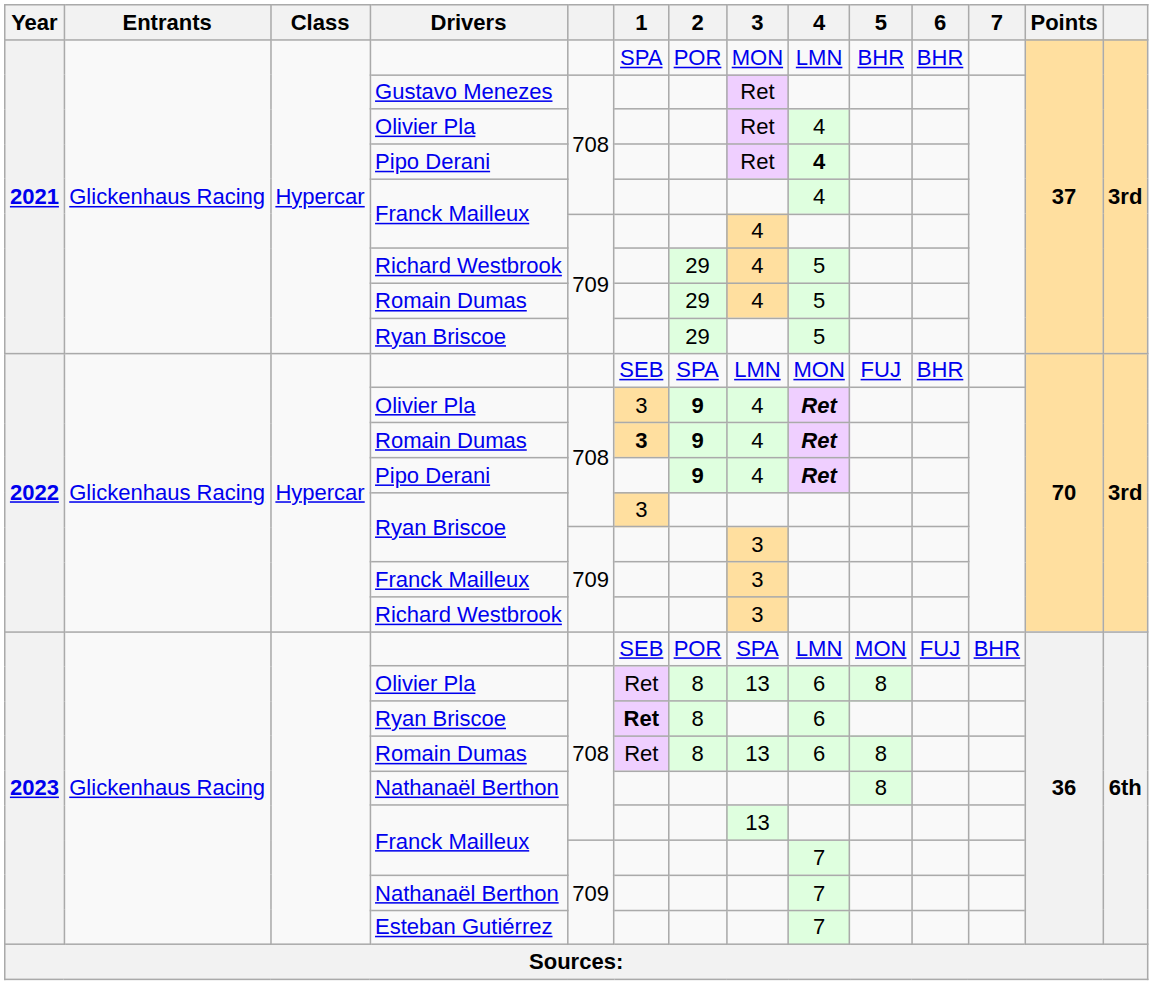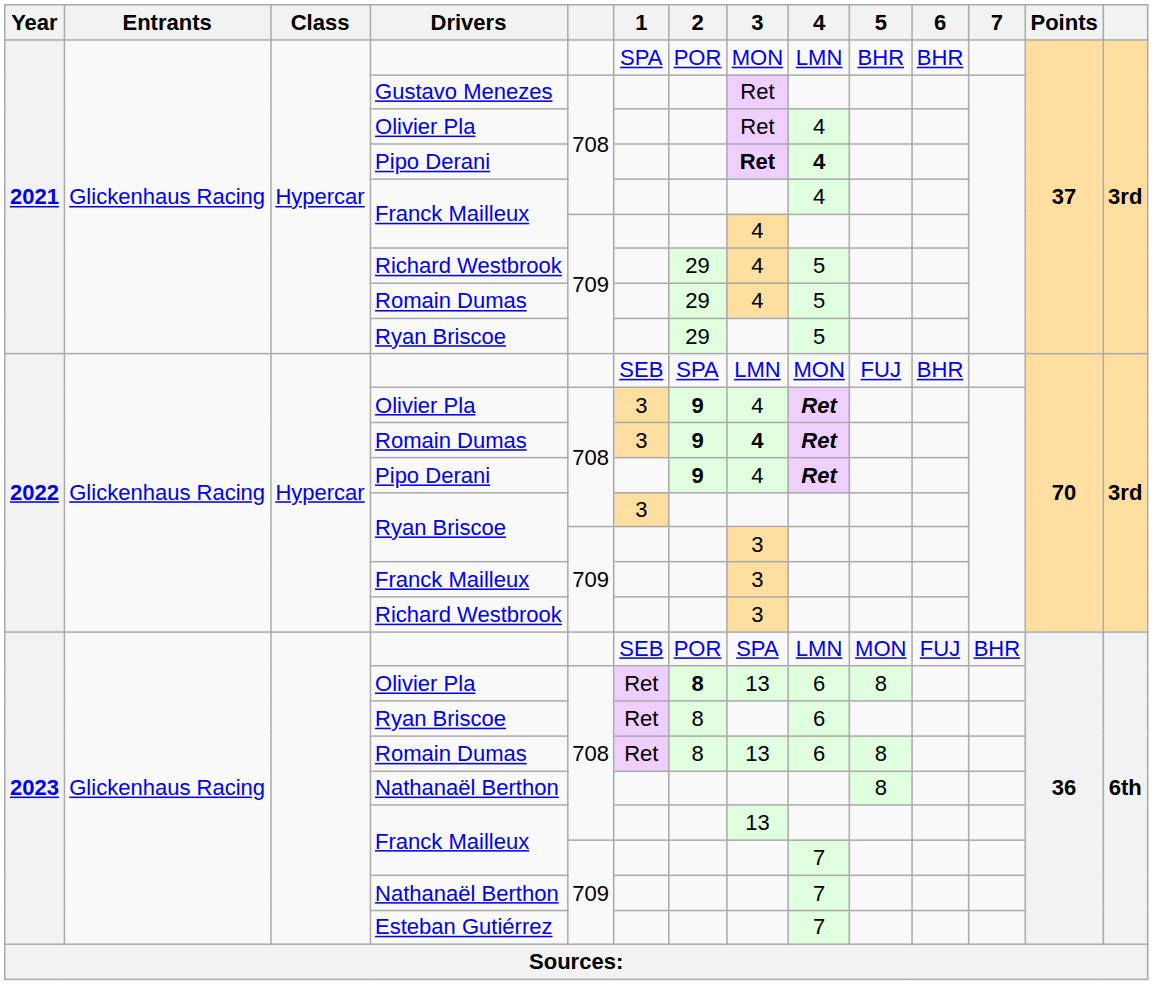 <table class="wikitable" style="text-align:center; font-size:90%">
 <tr>
 <th>Year</th>
 <th>Entrants</th>
 <th>Class</th>
 <th>Drivers</th>
 <th></th>
 <th>1</th>
 <th>2</th>
 <th>3</th>
 <th>4</th>
 <th>5</th>
 <th>6</th>
 <th>7</th>
 <th>Points</th>
 <th></th>
 </tr>
 <tr>
 <th rowspan=9><a href='#'>2021</a></th>
 <td rowspan=9> <a href='#'>Glickenhaus Racing</a></td>
 <td rowspan=9><a href='#'>Hypercar</a></td>
 <td></td>
 <td></td>
 <td><a href='#'>SPA</a></td>
 <td><a href='#'>POR</a></td>
 <td><a href='#'>MON</a></td>
 <td><a href='#'>LMN</a></td>
 <td><a href='#'>BHR</a></td>
 <td><a href='#'>BHR</a></td>
 <td></td>
 <td rowspan="9" style="background:#ffdf9f;"><strong>37</strong></td>
 <td rowspan="9" style="background:#ffdf9f;"><strong>3rd</strong></td>
 </tr>
 <tr>
 <td align="left"> <a href='#'>Gustavo Menezes</a></td>
 <td rowspan=4>708</td>
 <td></td>
 <td></td>
 <td style="background:#efcfff;">Ret</td>
 <td></td>
 <td></td>
 <td></td>
 </tr>
 <tr>
 <td align="left"> <a href='#'>Olivier Pla</a></td>
 <td></td>
 <td></td>
 <td style="background:#efcfff;">Ret</td>
 <td style="background:#dfffdf;">4</td>
 <td></td>
 <td></td>
 </tr>
 <tr>
 <td align="left"> <a href='#'>Pipo Derani</a></td>
 <td></td>
 <td></td>
-<td style="background:#efcfff;">Ret</td>
+<td style="background:#efcfff;"><strong>Ret</strong></td>
 <td style="background:#dfffdf;"><strong>4</strong></td>
 <td></td>
 <td></td>
 </tr>
 <tr>
 <td rowspan=2 align="left"> <a href='#'>Franck Mailleux</a></td>
 <td></td>
 <td></td>
 <td></td>
 <td style="background:#dfffdf;">4</td>
 <td></td>
 <td></td>
 </tr>
 <tr>
 <td rowspan=4>709</td>
 <td></td>
 <td></td>
 <td style="background:#FFDF9F;">4</td>
 <td></td>
 <td></td>
 <td></td>
 </tr>
 <tr>
 <td align="left"> <a href='#'>Richard Westbrook</a></td>
 <td></td>
 <td style="background:#dfffdf;">29</td>
 <td style="background:#FFDF9F;">4</td>
 <td style="background:#dfffdf;">5</td>
 <td></td>
 <td></td>
 </tr>
 <tr>
 <td align="left"> <a href='#'>Romain Dumas</a></td>
 <td></td>
 <td style="background:#dfffdf;">29</td>
 <td style="background:#FFDF9F;">4</td>
 <td style="background:#dfffdf;">5</td>
 <td></td>
 <td></td>
 </tr>
 <tr>
 <td align="left"> <a href='#'>Ryan Briscoe</a></td>
 <td></td>
 <td style="background:#dfffdf;">29</td>
 <td></td>
 <td style="background:#dfffdf;">5</td>
 <td></td>
 <td></td>
 </tr>
 <tr>
 <th rowspan=8><a href='#'>2022</a></th>
 <td rowspan=8> <a href='#'>Glickenhaus Racing</a></td>
 <td rowspan=8><a href='#'>Hypercar</a></td>
 <td></td>
 <td></td>
 <td><a href='#'>SEB</a></td>
 <td><a href='#'>SPA</a></td>
 <td><a href='#'>LMN</a></td>
 <td><a href='#'>MON</a></td>
 <td><a href='#'>FUJ</a></td>
 <td><a href='#'>BHR</a></td>
 <td></td>
 <td rowspan="8" style="background:#FFDF9F;"><strong>70</strong></td>
 <td rowspan="8" style="background:#FFDF9F;"><strong>3rd</strong></td>
 </tr>
 <tr>
 <td align="left"> <a href='#'>Olivier Pla</a></td>
 <td rowspan=4>708</td>
 <td style="background:#FFDF9F;">3</td>
 <td style="background:#dfffdf;"><strong>9</strong></td>
 <td style="background:#dfffdf;">4</td>
 <td style="background:#efcfff;"><strong><em>Ret</em></strong></td>
 <td></td>
 <td></td>
 </tr>
 <tr>
 <td align="left"> <a href='#'>Romain Dumas</a></td>
-<td style="background:#FFDF9F;"><strong>3</strong></td>
+<td style="background:#FFDF9F;">3</td>
 <td style="background:#dfffdf;"><strong>9</strong></td>
-<td style="background:#dfffdf;">4</td>
+<td style="background:#dfffdf;"><strong>4</strong></td>
 <td style="background:#efcfff;"><strong><em>Ret</em></strong></td>
 <td></td>
 <td></td>
 </tr>
 <tr>
 <td align="left"> <a href='#'>Pipo Derani</a></td>
 <td></td>
 <td style="background:#dfffdf;"><strong>9</strong></td>
 <td style="background:#dfffdf;">4</td>
 <td style="background:#efcfff;"><strong><em>Ret</em></strong></td>
 <td></td>
 <td></td>
 </tr>
 <tr>
 <td rowspan=2 align="left"> <a href='#'>Ryan Briscoe</a></td>
 <td style="background:#FFDF9F;">3</td>
 <td></td>
 <td></td>
 <td></td>
 <td></td>
 <td></td>
 </tr>
 <tr>
 <td rowspan=3>709</td>
 <td></td>
 <td></td>
 <td style="background:#FFDF9F;">3</td>
 <td></td>
 <td></td>
 <td></td>
 </tr>
 <tr>
 <td align="left"> <a href='#'>Franck Mailleux</a></td>
 <td></td>
 <td></td>
 <td style="background:#FFDF9F;">3</td>
 <td></td>
 <td></td>
 <td></td>
 </tr>
 <tr>
 <td align="left"> <a href='#'>Richard Westbrook</a></td>
 <td></td>
 <td></td>
 <td style="background:#FFDF9F;">3</td>
 <td></td>
 <td></td>
 <td></td>
 </tr>
 <tr>
 <th rowspan="9"><a href='#'>2023</a></th>
 <td rowspan="9"> <a href='#'>Glickenhaus Racing</a></td>
 <td rowspan="9"></td>
 <td></td>
 <td></td>
 <td><a href='#'>SEB</a><br></td>
 <td><a href='#'>POR</a><br></td>
 <td><a href='#'>SPA</a><br></td>
 <td><a href='#'>LMN</a><br></td>
 <td><a href='#'>MON</a><br></td>
 <td><a href='#'>FUJ</a><br></td>
 <td><a href='#'>BHR</a><br></td>
 <th rowspan="9">36</th>
 <th rowspan="9">6th</th>
 </tr>
 <tr>
 <td align="left " style="border-left:0px"> <a href='#'>Olivier Pla</a></td>
 <td rowspan="5">708</td>
 <td style="background:#efcfff;">Ret</td>
-<td style="background:#dfffdf;">8</td>
+<td style="background:#dfffdf;"><strong>8</strong></td>
 <td style="background:#dfffdf;">13</td>
 <td style="background:#dfffdf;">6</td>
 <td style="background:#dfffdf;">8</td>
 <td></td>
 <td></td>
 </tr>
 <tr>
 <td align="left " style="border-left:0px"> <a href='#'>Ryan Briscoe</a></td>
-<td style="background:#efcfff;"><strong>Ret</strong></td>
+<td style="background:#efcfff;">Ret</td>
 <td style="background:#dfffdf;">8</td>
 <td></td>
 <td style="background:#dfffdf;">6</td>
 <td></td>
 <td></td>
 <td></td>
 </tr>
 <tr>
 <td align="left " style="border-left:0px"> <a href='#'>Romain Dumas</a></td>
 <td style="background:#efcfff;">Ret</td>
 <td style="background:#dfffdf;">8</td>
 <td style="background:#dfffdf;">13</td>
 <td style="background:#dfffdf;">6</td>
 <td style="background:#dfffdf;">8</td>
 <td></td>
 <td></td>
 </tr>
 <tr>
 <td align="left"> <a href='#'>Nathanaël Berthon</a></td>
 <td></td>
 <td></td>
 <td></td>
 <td></td>
 <td style="background:#dfffdf;">8</td>
 <td></td>
 <td></td>
 </tr>
 <tr>
 <td rowspan=2 align="left"> <a href='#'>Franck Mailleux</a></td>
 <td></td>
 <td></td>
 <td style="background:#dfffdf;">13</td>
 <td></td>
 <td></td>
 <td></td>
 <td></td>
 </tr>
 <tr>
 <td rowspan="3">709</td>
 <td></td>
 <td></td>
 <td></td>
 <td style="background:#dfffdf;">7</td>
 <td></td>
 <td></td>
 <td></td>
 </tr>
 <tr>
 <td align="left"> <a href='#'>Nathanaël Berthon</a></td>
 <td></td>
 <td></td>
 <td></td>
 <td style="background:#dfffdf;">7</td>
 <td></td>
 <td></td>
 <td></td>
 </tr>
 <tr>
 <td align="left"> <a href='#'>Esteban Gutiérrez</a></td>
 <td></td>
 <td></td>
 <td></td>
 <td style="background:#dfffdf;">7</td>
 <td></td>
 <td></td>
 <td></td>
 </tr>
 <tr>
 <th colspan="14">Sources:</th>
 </tr>
 </table>
